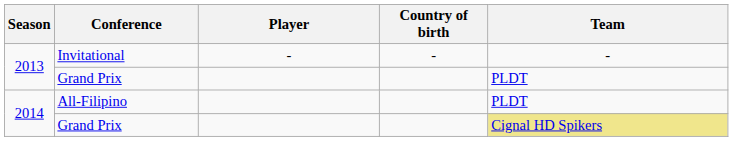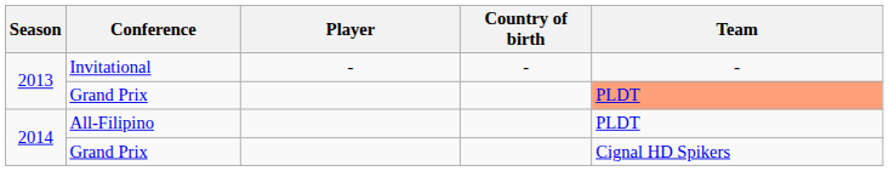 <table class="wikitable plainrowheaders sortable" width="90%" summary="Season (sortable), Player (sortable), Position (sortable), Nationality (sortable) and Team (sortable)">
 <tr>
 <th scope="col" width="5%">Season</th>
 <th scope="col" width="20%">Conference</th>
 <th scope="col" width="25%">Player</th>
 <th scope="col" width="15%">Country of birth</th>
 <th scope="col">Team</th>
 </tr>
 <tr>
 <td rowspan="2" align=center><a href='#'>2013</a></td>
 <td><a href='#'>Invitational</a></td>
 <td align=center>-</td>
 <td align=center>-</td>
 <td align=center>-</td>
 </tr>
 <tr>
 <td><a href='#'>Grand Prix</a></td>
 <td></td>
 <td></td>
-<td><a href='#'>PLDT</a></td>
+<td style="background: lightsalmon;"><a href='#'>PLDT</a></td>
 </tr>
 <tr>
 <td rowspan="2" align=center><a href='#'>2014</a></td>
 <td><a href='#'>All-Filipino</a></td>
 <td></td>
 <td></td>
 <td><a href='#'>PLDT</a></td>
 </tr>
 <tr>
 <td><a href='#'>Grand Prix</a></td>
 <td></td>
 <td></td>
-<td style="background: khaki;"><a href='#'>Cignal HD Spikers</a></td>
+<td><a href='#'>Cignal HD Spikers</a></td>
 </tr>
 </table>
